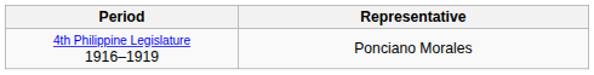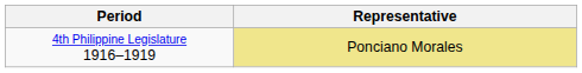 <table class="wikitable" style="text-align:center; width:40%;">
 <tr>
 <th width="40%">Period</th>
 <th>Representative</th>
 </tr>
 <tr>
 <td><small><a href='#'>4th Philippine Legislature</a></small><br>1916–1919</td>
-<td>Ponciano Morales</td>
+<td style="background: khaki;">Ponciano Morales</td>
 </tr>
 </table>
